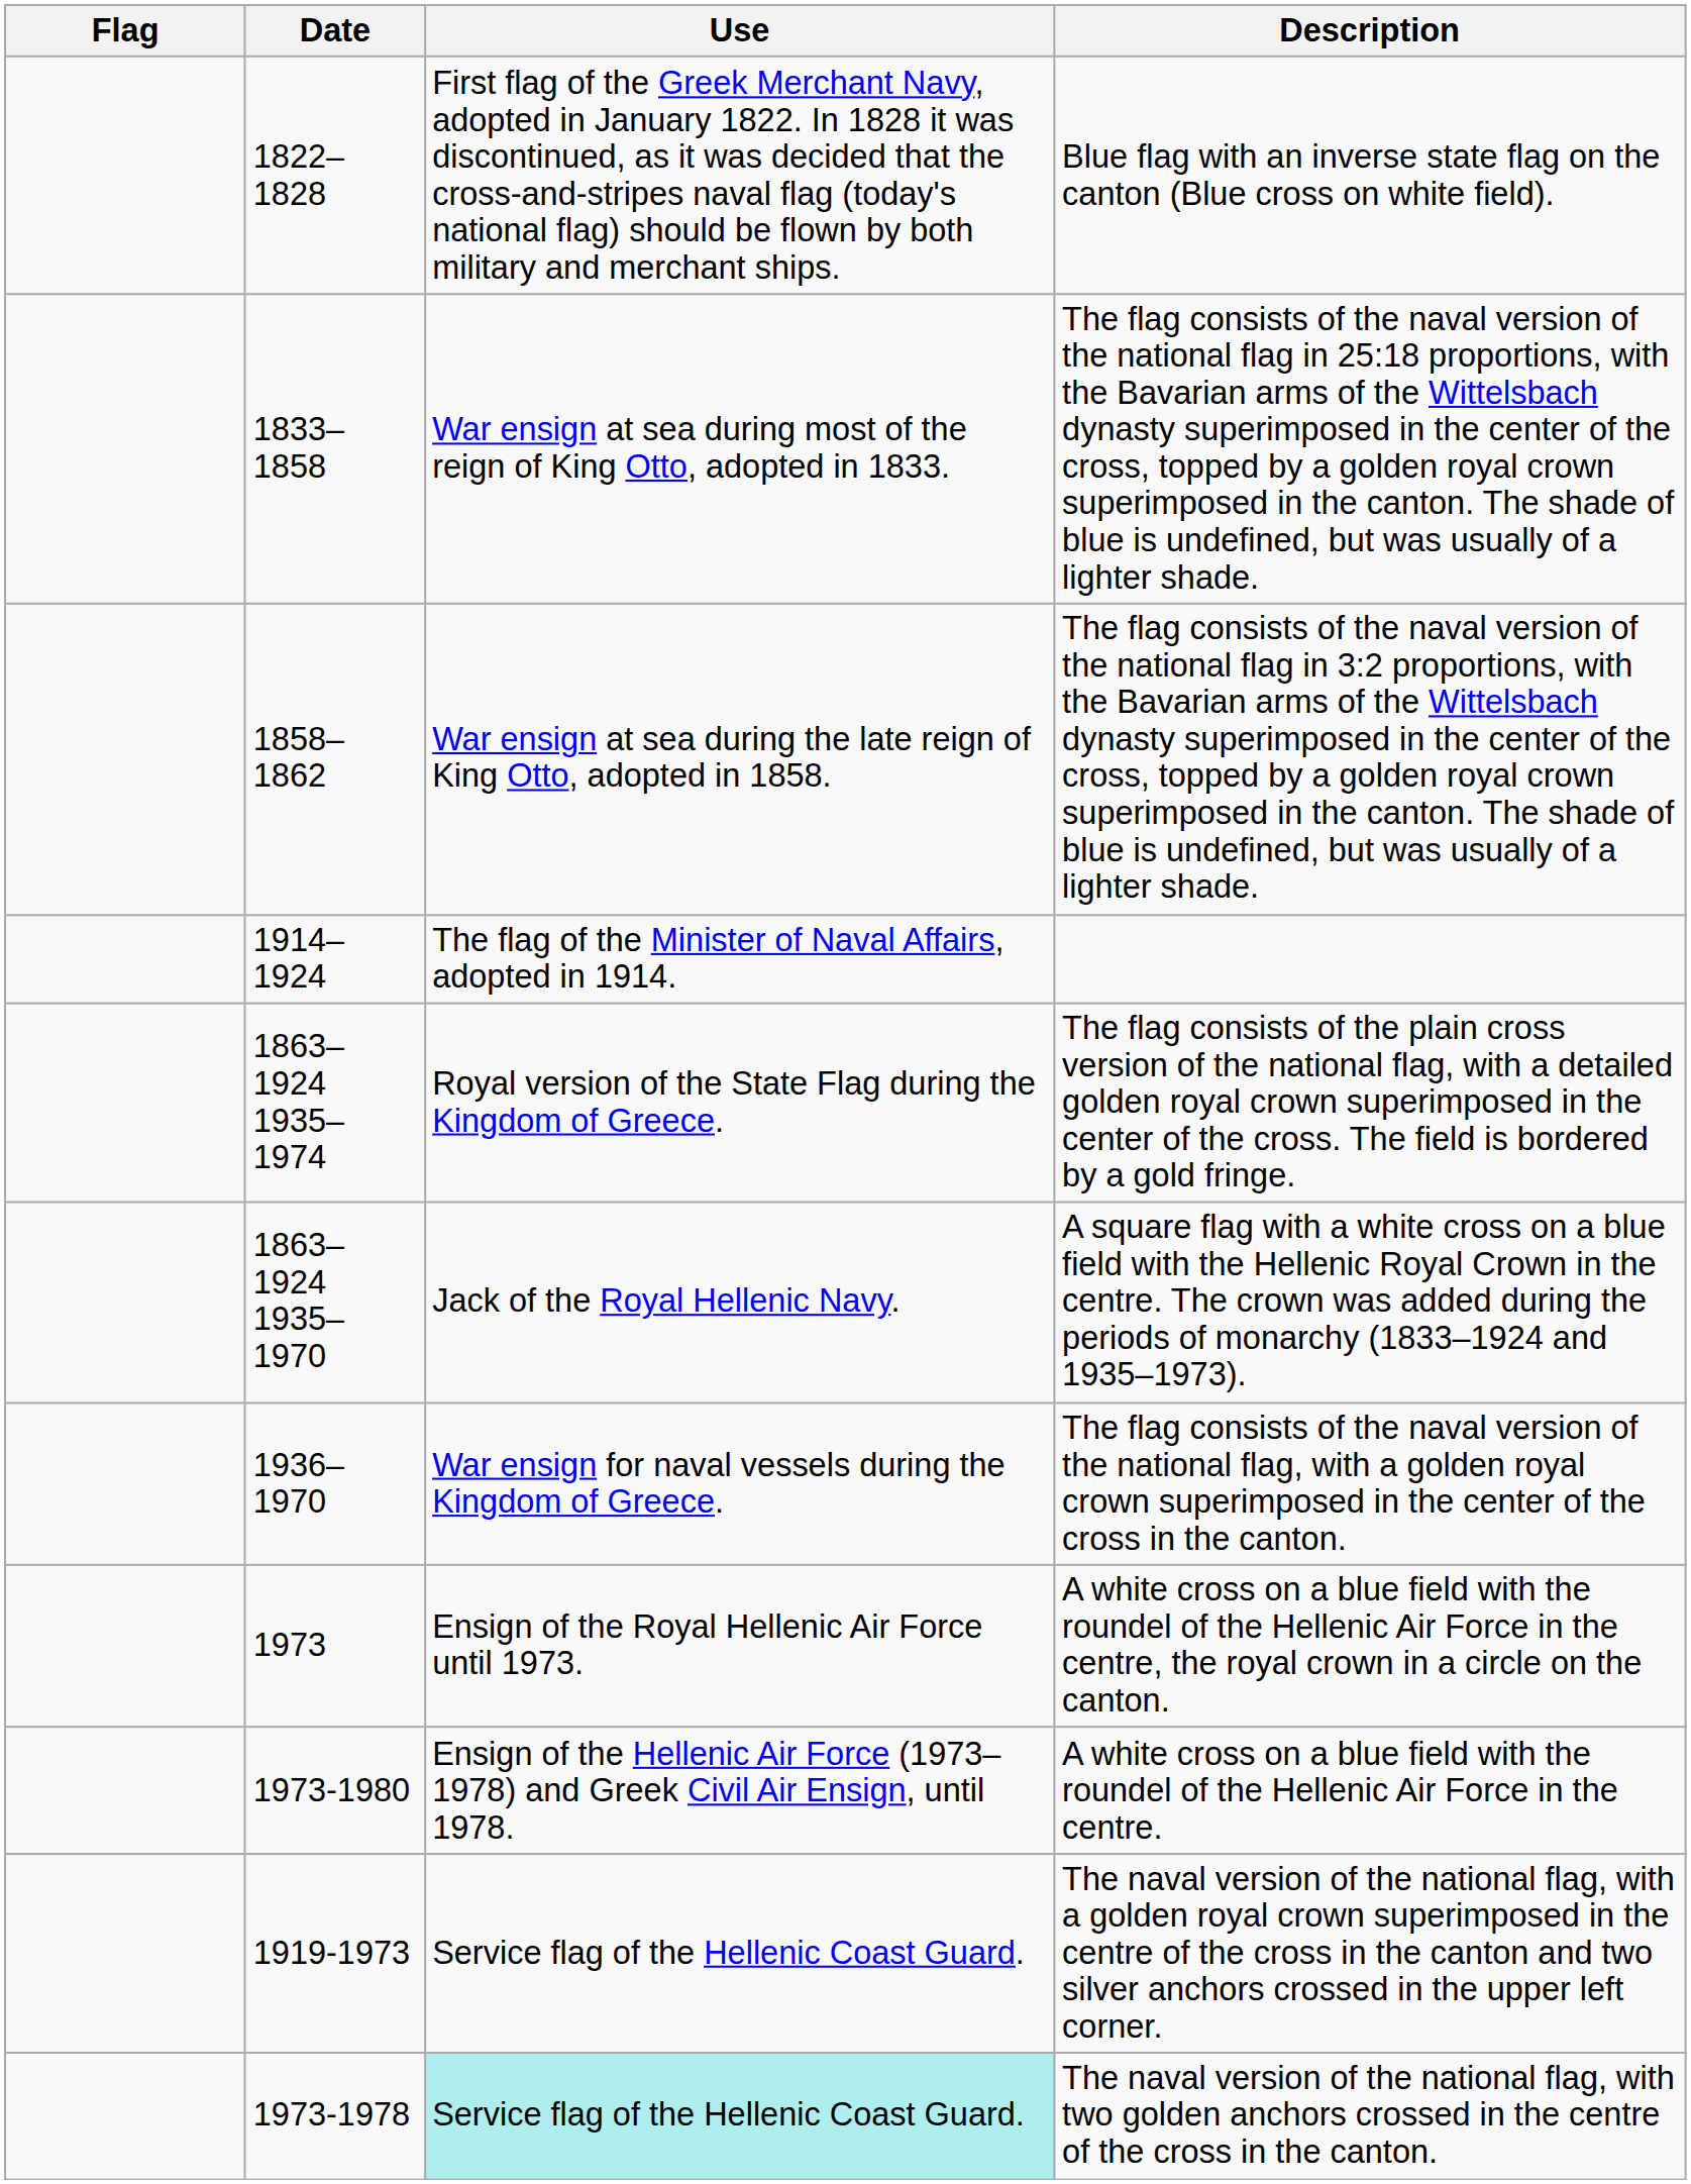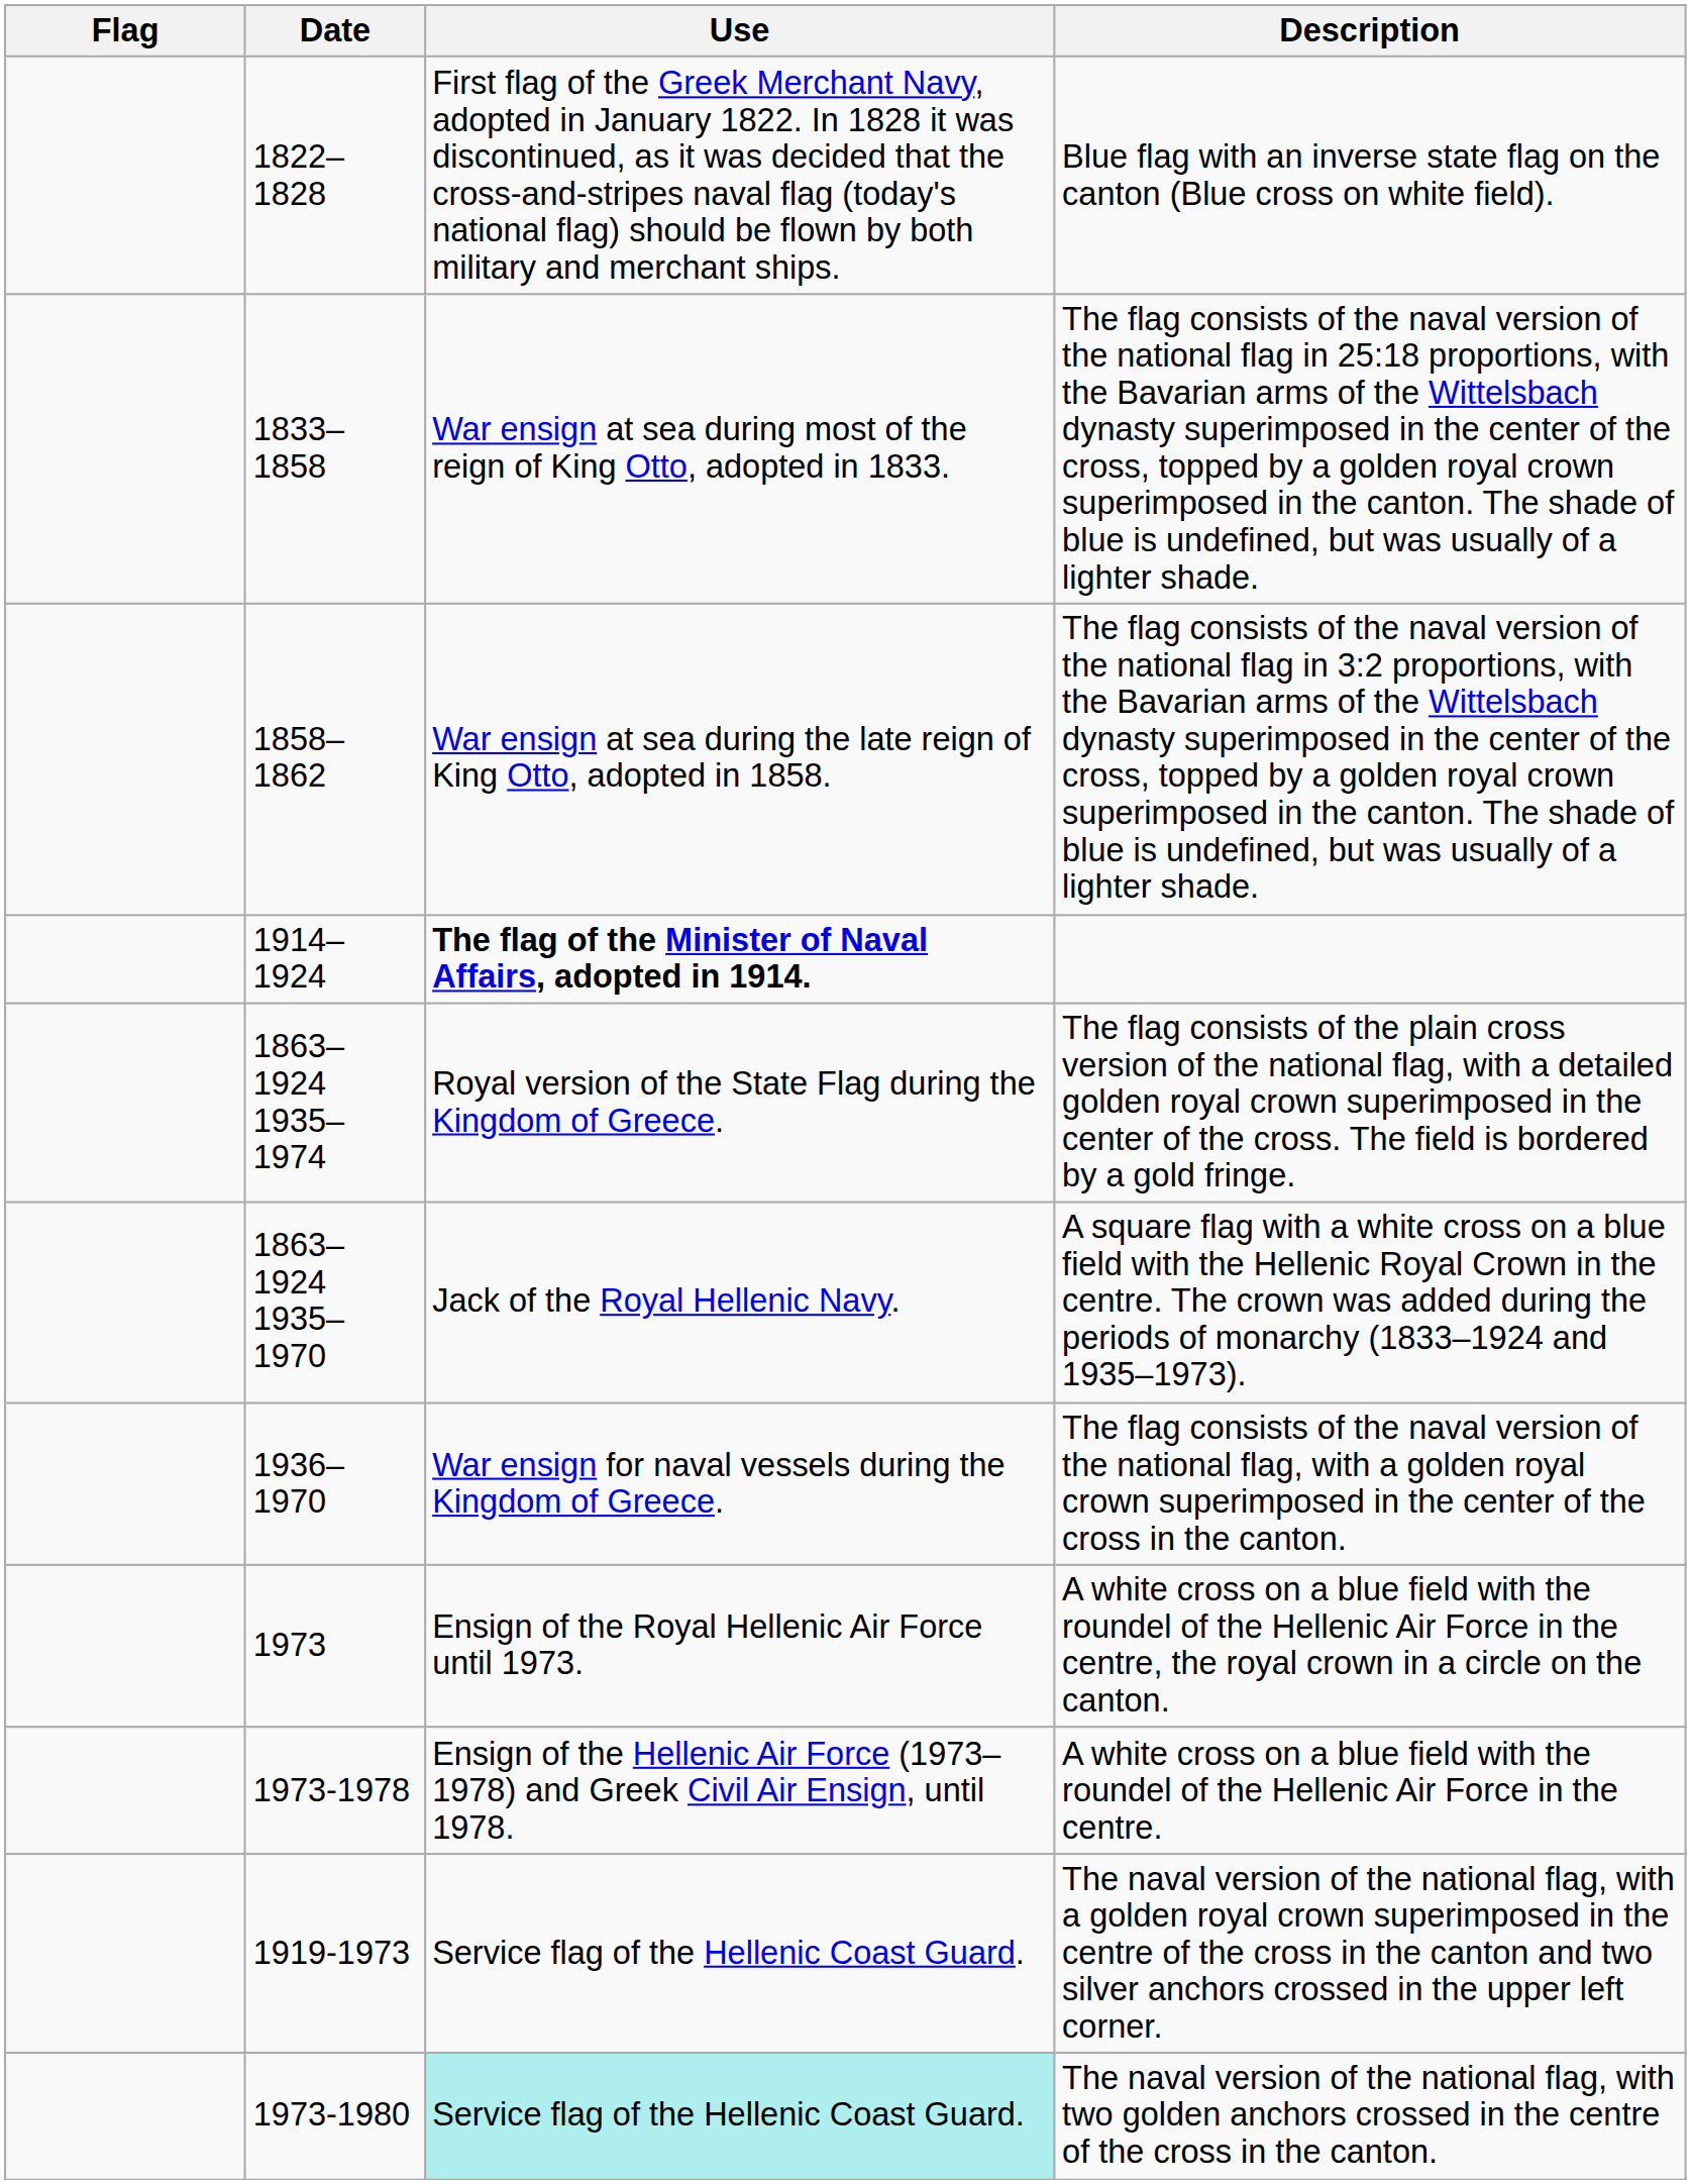 <table class="wikitable">
 <tr>
 <th width="110">Flag</th>
 <th width="80">Date</th>
 <th width="300">Use</th>
 <th width="300">Description</th>
 </tr>
 <tr>
 <td></td>
 <td>1822–1828</td>
 <td>First flag of the <a href='#'>Greek Merchant Navy</a>, adopted in January 1822. In 1828 it was discontinued, as it was decided that the cross-and-stripes naval flag (today's national flag) should be flown by both military and merchant ships.</td>
 <td>Blue flag with an inverse state flag on the canton (Blue cross on white field).</td>
 </tr>
 <tr>
 <td></td>
 <td>1833–1858</td>
 <td><a href='#'>War ensign</a> at sea during most of the reign of King <a href='#'>Otto</a>, adopted in 1833.</td>
 <td>The flag consists of the naval version of the national flag in 25:18 proportions, with the Bavarian arms of the <a href='#'>Wittelsbach</a> dynasty superimposed in the center of the cross, topped by a golden royal crown superimposed in the canton. The shade of blue is undefined, but was usually of a lighter shade.</td>
 </tr>
 <tr>
 <td></td>
 <td>1858–1862</td>
 <td><a href='#'>War ensign</a> at sea during the late reign of King <a href='#'>Otto</a>, adopted in 1858.</td>
 <td>The flag consists of the naval version of the national flag in 3:2 proportions, with the Bavarian arms of the <a href='#'>Wittelsbach</a> dynasty superimposed in the center of the cross, topped by a golden royal crown superimposed in the canton. The shade of blue is undefined, but was usually of a lighter shade.</td>
 </tr>
 <tr>
 <td></td>
 <td>1914–1924</td>
-<td>The flag of the <a href='#'>Minister of Naval Affairs</a>, adopted in 1914.</td>
+<td><strong>The flag of the <a href='#'>Minister of Naval Affairs</a>, adopted in 1914.</strong></td>
 <td></td>
 </tr>
 <tr>
 <td></td>
 <td>1863–1924<br>1935–1974</td>
 <td>Royal version of the State Flag during the <a href='#'>Kingdom of Greece</a>.</td>
 <td>The flag consists of the plain cross version of the national flag, with a detailed golden royal crown superimposed in the center of the cross. The field is bordered by a gold fringe.</td>
 </tr>
 <tr>
 <td></td>
 <td>1863–1924<br>1935–1970</td>
 <td>Jack of the <a href='#'>Royal Hellenic Navy</a>.</td>
 <td>A square flag with a white cross on a blue field with the Hellenic Royal Crown in the centre. The crown was added during the periods of monarchy (1833–1924 and 1935–1973).</td>
 </tr>
 <tr>
 <td></td>
 <td>1936–1970</td>
 <td><a href='#'>War ensign</a> for naval vessels during the <a href='#'>Kingdom of Greece</a>.</td>
 <td>The flag consists of the naval version of the national flag, with a golden royal crown superimposed in the center of the cross in the canton.</td>
 </tr>
 <tr>
 <td></td>
 <td>1973<br></td>
 <td>Ensign of the Royal Hellenic Air Force until 1973.</td>
 <td>A white cross on a blue field with the roundel of the Hellenic Air Force in the centre, the royal crown in a circle on the canton.</td>
 </tr>
 <tr>
 <td></td>
-<td>1973-1980</td>
+<td>1973-1978</td>
 <td>Ensign of the <a href='#'>Hellenic Air Force</a> (1973–1978) and Greek <a href='#'>Civil Air Ensign</a>, until 1978.</td>
 <td>A white cross on a blue field with the roundel of the Hellenic Air Force in the centre.</td>
 </tr>
 <tr>
 <td></td>
 <td>1919-1973</td>
 <td>Service flag of the <a href='#'>Hellenic Coast Guard</a>.</td>
 <td>The naval version of the national flag, with a golden royal crown superimposed in the centre of the cross in the canton and two silver anchors crossed in the upper left corner.</td>
 </tr>
 <tr>
 <td></td>
-<td>1973-1978</td>
+<td>1973-1980</td>
 <td style="background: paleturquoise;">Service flag of the Hellenic Coast Guard.</td>
 <td>The naval version of the national flag, with two golden anchors crossed in the centre of the cross in the canton.</td>
 </tr>
 <tr>
 </tr>
 </table>
